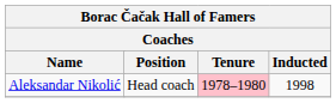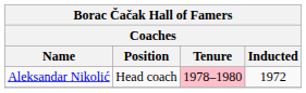 <table class="wikitable" style="text-align:center">
 <tr>
 <th colspan="5">Borac Čačak Hall of Famers</th>
 </tr>
 <tr>
 <th colspan="5">Coaches</th>
 </tr>
 <tr>
 <th colspan=2>Name</th>
 <th>Position</th>
 <th>Tenure</th>
 <th>Inducted</th>
 </tr>
 <tr>
 <td colspan=2><a href='#'>Aleksandar Nikolić</a></td>
 <td>Head coach</td>
 <td style="background: pink;">1978–1980</td>
-<td>1998</td>
+<td>1972</td>
 </tr>
 <tr>
 </tr>
 </table>
